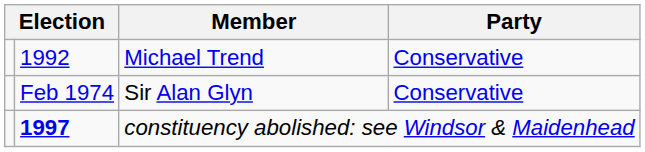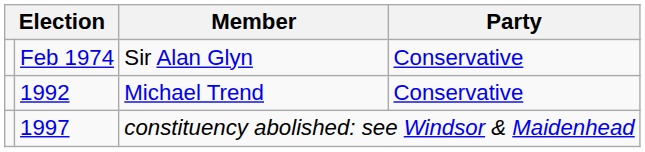 <table class="wikitable">
 <tr>
 <th colspan="2">Election</th>
 <th>Member</th>
 <th>Party</th>
 </tr>
 <tr>
 <td style="color:inherit;background-color: "></td>
+<td><a href='#'>Feb 1974</a></td>
+<td>Sir <a href='#'>Alan Glyn</a></td>
+<td><a href='#'>Conservative</a></td>
+</tr>
+<tr>
+<td style="color:inherit;background-color: "></td>
 <td><a href='#'>1992</a></td>
 <td><a href='#'>Michael Trend</a></td>
 <td><a href='#'>Conservative</a></td>
 </tr>
 <tr>
-<td style="color:inherit;background-color: "></td>
-<td><a href='#'>Feb 1974</a></td>
-<td>Sir <a href='#'>Alan Glyn</a></td>
-<td><a href='#'>Conservative</a></td>
-</tr>
-<tr>
 <td></td>
-<td><strong><a href='#'>1997</a></strong></td>
+<td><a href='#'>1997</a></td>
 <td colspan="2"><em>constituency abolished: see <a href='#'>Windsor</a> & <a href='#'>Maidenhead</a></em></td>
 </tr>
 </table>
